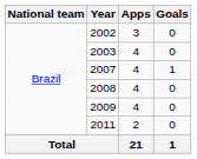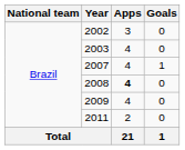 <table class="wikitable" style="text-align:center">
 <tr>
 <th>National team</th>
 <th>Year</th>
 <th>Apps</th>
 <th>Goals</th>
 </tr>
 <tr>
 <td rowspan="6"><a href='#'>Brazil</a></td>
 <td>2002</td>
 <td>3</td>
 <td>0</td>
 </tr>
 <tr>
 <td>2003</td>
 <td>4</td>
 <td>0</td>
 </tr>
 <tr>
 <td>2007</td>
 <td>4</td>
 <td>1</td>
 </tr>
 <tr>
 <td>2008</td>
-<td>4</td>
+<td><strong>4</strong></td>
 <td>0</td>
 </tr>
 <tr>
 <td>2009</td>
 <td>4</td>
 <td>0</td>
 </tr>
 <tr>
 <td>2011</td>
 <td>2</td>
 <td>0</td>
 </tr>
 <tr>
 <th colspan="2">Total</th>
 <th>21</th>
 <th>1</th>
 </tr>
 </table>
